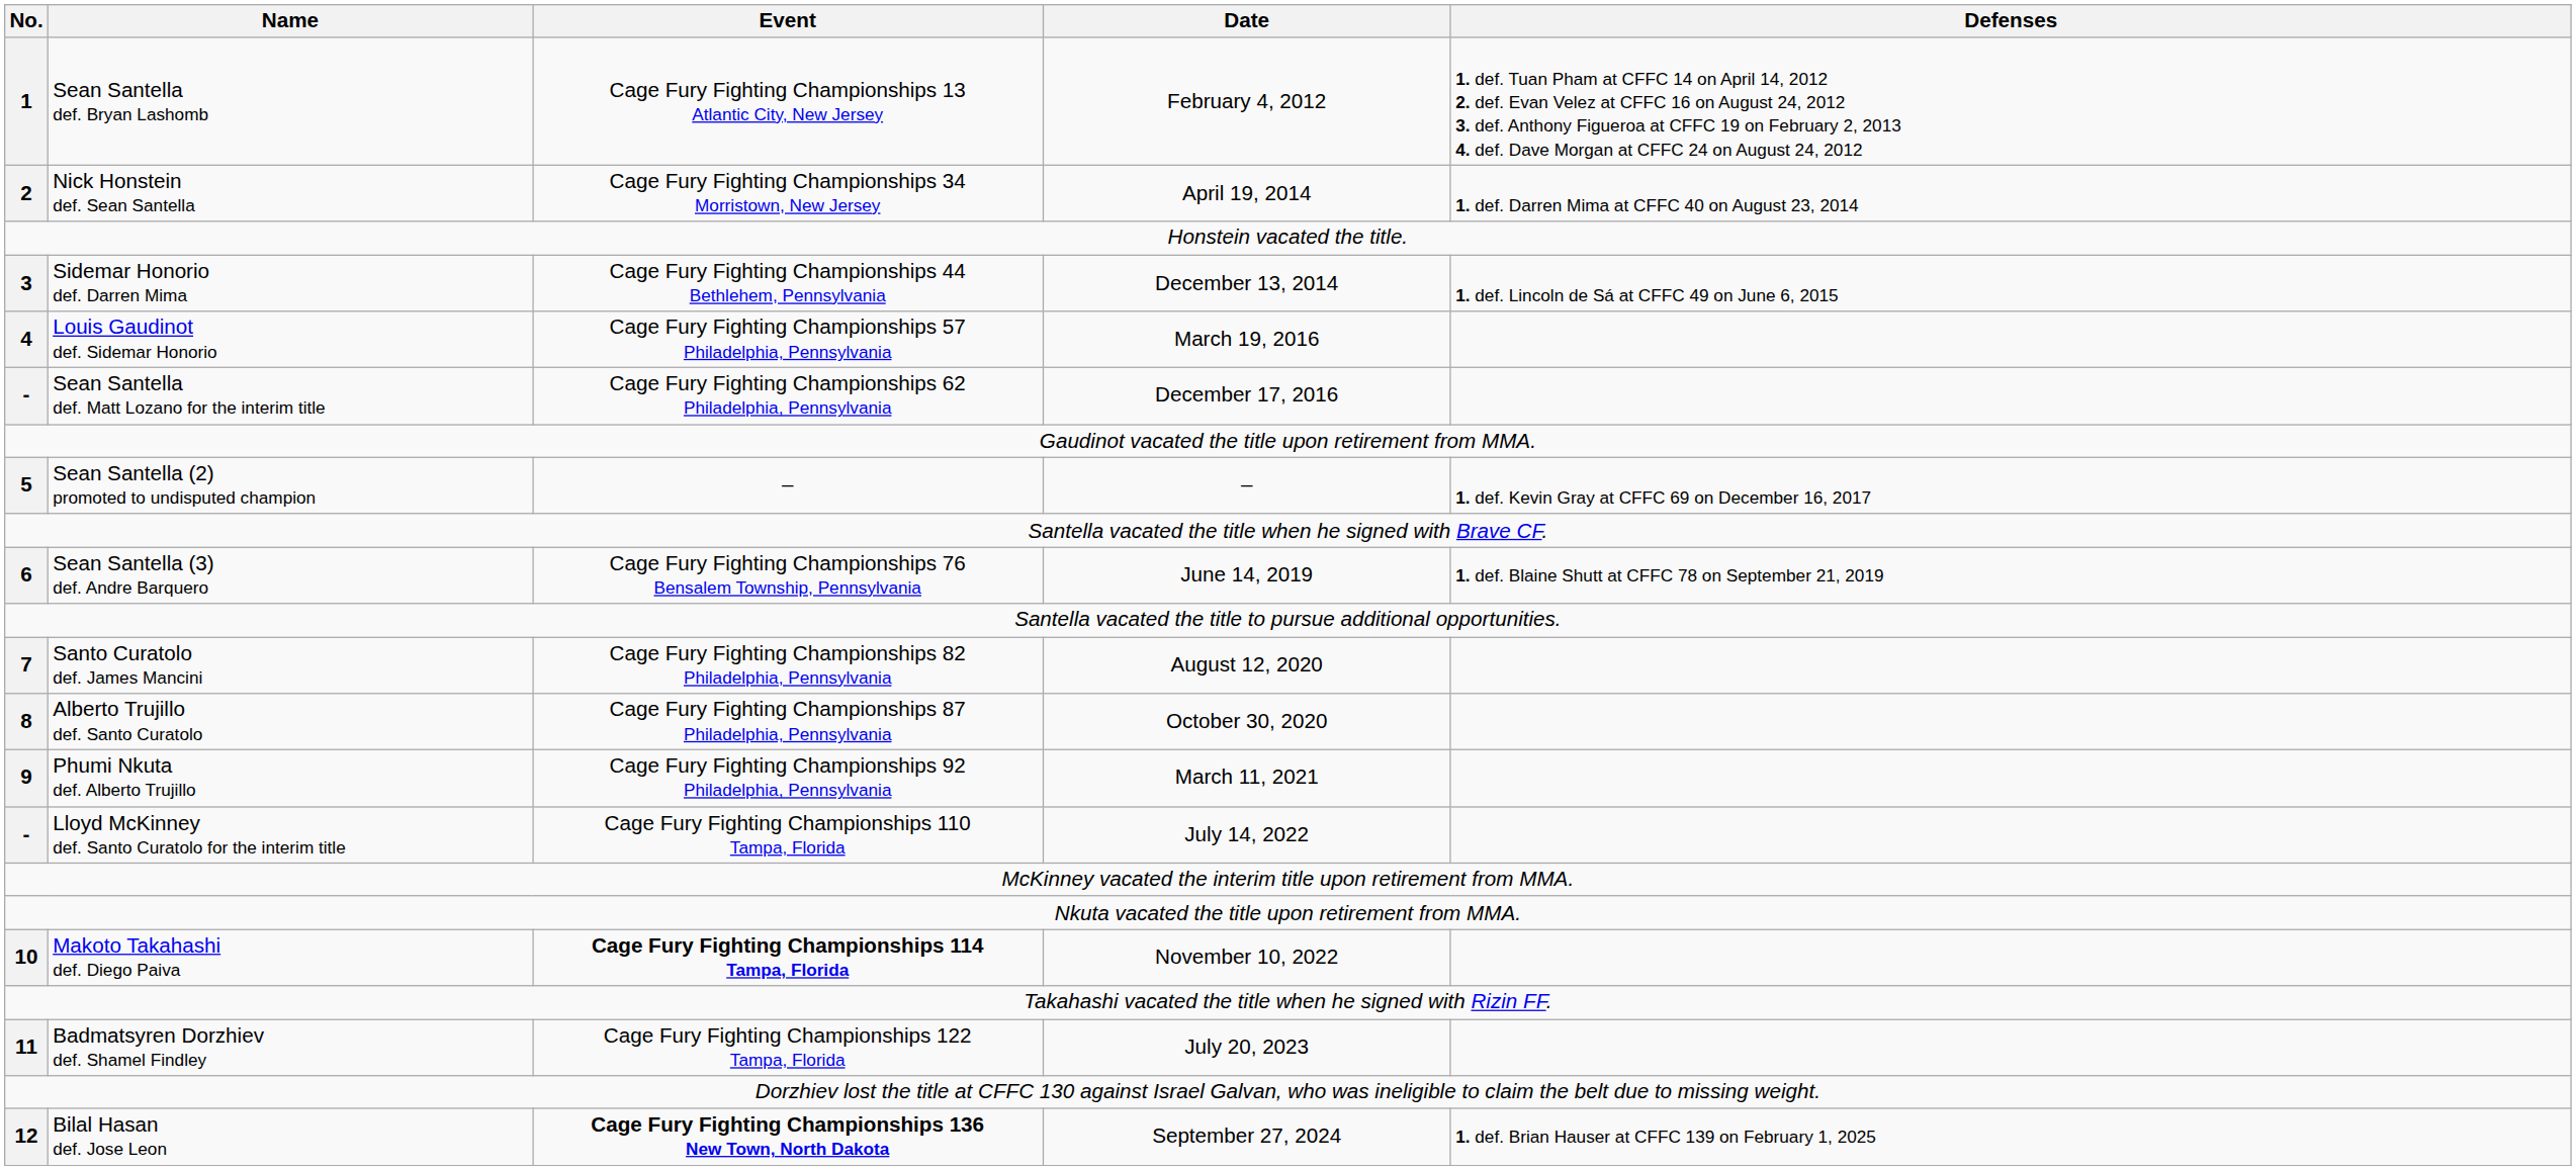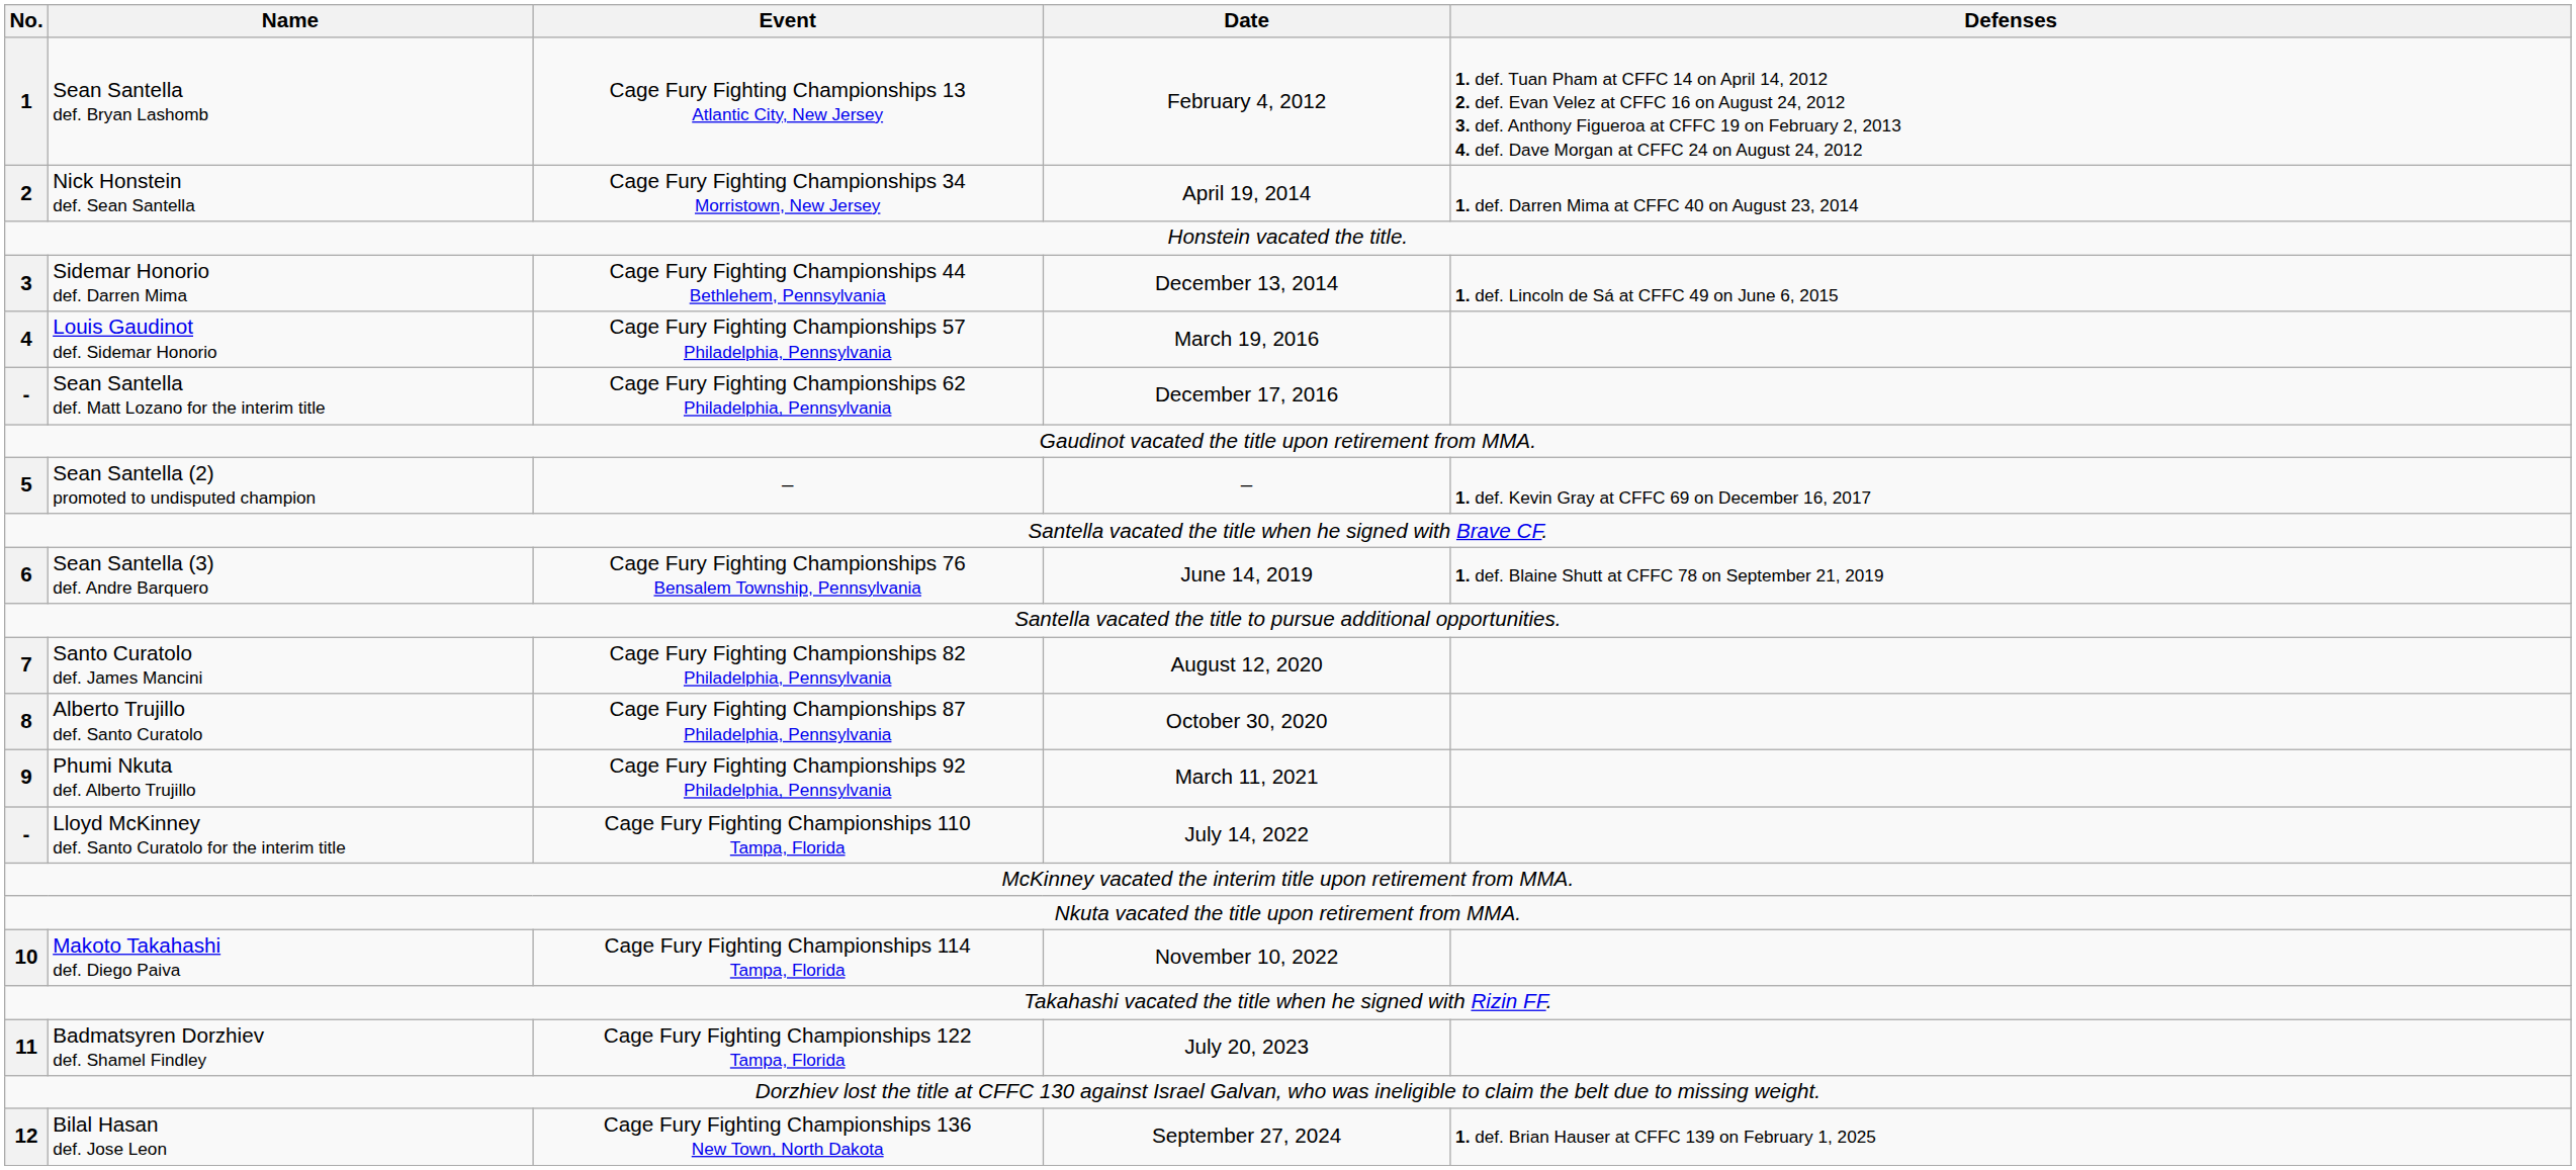 <table class="wikitable">
 <tr>
 <th width=1%>No.</th>
 <th width=19%>Name</th>
 <th width=20%>Event</th>
 <th width=16%>Date</th>
 <th width=44%>Defenses</th>
 </tr>
 <tr>
 <th>1</th>
 <td style="text-align:left"> Sean Santella<br><small>def. Bryan Lashomb</small></td>
 <td style="text-align:center">Cage Fury Fighting Championships 13<br><small><a href='#'>Atlantic City, New Jersey</a></small></td>
 <td style="text-align:center">February 4, 2012</td>
 <td><br><small><strong>1.</strong> def. Tuan Pham at CFFC 14 on April 14, 2012<br> <strong>2.</strong> def. Evan Velez at CFFC 16 on August 24, 2012<br> <strong>3.</strong> def. Anthony Figueroa at CFFC 19 on February 2, 2013<br> <strong>4.</strong> def. Dave Morgan at CFFC 24 on August 24, 2012</small></td>
 </tr>
 <tr>
 <th>2</th>
 <td style="text-align:left"> Nick Honstein<br><small>def. Sean Santella</small></td>
 <td style="text-align:center">Cage Fury Fighting Championships 34<br><small><a href='#'>Morristown, New Jersey</a></small></td>
 <td style="text-align:center">April 19, 2014</td>
 <td><br><small><strong>1.</strong> def. Darren Mima at CFFC 40 on August 23, 2014</small></td>
 </tr>
 <tr>
 <td style="text-align:center" colspan="5"><em>Honstein vacated the title.</em></td>
 </tr>
 <tr>
 <th>3</th>
 <td style="text-align:left"> Sidemar Honorio<br><small>def. Darren Mima</small></td>
 <td style="text-align:center">Cage Fury Fighting Championships 44<br><small><a href='#'>Bethlehem, Pennsylvania</a></small></td>
 <td style="text-align:center">December 13, 2014</td>
 <td><br><small><strong>1.</strong> def. Lincoln de Sá at CFFC 49 on June 6, 2015</small></td>
 </tr>
 <tr>
 <th>4</th>
 <td style="text-align:left"> <a href='#'>Louis Gaudinot</a><br><small>def. Sidemar Honorio</small></td>
 <td style="text-align:center">Cage Fury Fighting Championships 57<br><small><a href='#'>Philadelphia, Pennsylvania</a></small></td>
 <td style="text-align:center">March 19, 2016</td>
 <td></td>
 </tr>
 <tr>
 <th>-</th>
 <td style="text-align:left"> Sean Santella<br><small>def. Matt Lozano for the interim title</small></td>
 <td style="text-align:center">Cage Fury Fighting Championships 62<br><small><a href='#'>Philadelphia, Pennsylvania</a></small></td>
 <td style="text-align:center">December 17, 2016</td>
 <td></td>
 </tr>
 <tr>
 <td style="text-align:center" colspan="5"><em>Gaudinot vacated the title upon retirement from MMA.</em></td>
 </tr>
 <tr>
 <th>5</th>
 <td style="text-align:left"> Sean Santella (2)<br><small>promoted to undisputed champion</small></td>
 <td style="text-align:center">–</td>
 <td style="text-align:center">–</td>
 <td><br><small><strong>1.</strong> def. Kevin Gray at CFFC 69 on December 16, 2017</small></td>
 </tr>
 <tr>
 <td style="text-align:center" colspan="5"><em>Santella vacated the title when he signed with <a href='#'>Brave CF</a>.</em></td>
 </tr>
 <tr>
 <th>6</th>
 <td style="text-align:left"> Sean Santella (3)<br><small>def. Andre Barquero</small></td>
 <td style="text-align:center">Cage Fury Fighting Championships 76<br><small><a href='#'>Bensalem Township, Pennsylvania</a></small></td>
 <td style="text-align:center">June 14, 2019</td>
 <td><small><strong>1.</strong> def. Blaine Shutt at CFFC 78 on September 21, 2019</small></td>
 </tr>
 <tr>
 <td style="text-align:center" colspan="5"><em>Santella vacated the title to pursue additional opportunities.</em></td>
 </tr>
 <tr>
 <th>7</th>
 <td style="text-align:left"> Santo Curatolo <br><small>def. James Mancini</small></td>
 <td style="text-align:center">Cage Fury Fighting Championships 82<br><small><a href='#'>Philadelphia, Pennsylvania</a></small></td>
 <td style="text-align:center">August 12, 2020</td>
 <td></td>
 </tr>
 <tr>
 <th>8</th>
 <td style="text-align:left"> Alberto Trujillo<br><small>def. Santo Curatolo</small></td>
 <td style="text-align:center">Cage Fury Fighting Championships 87<br><small><a href='#'>Philadelphia, Pennsylvania</a></small></td>
 <td style="text-align:center">October 30, 2020</td>
 <td></td>
 </tr>
 <tr>
 <th>9</th>
 <td style="text-align:left"> Phumi Nkuta<br><small>def. Alberto Trujillo</small></td>
 <td style="text-align:center">Cage Fury Fighting Championships 92<br><small><a href='#'>Philadelphia, Pennsylvania</a></small></td>
 <td style="text-align:center">March 11, 2021</td>
 <td><br></td>
 </tr>
 <tr>
 <th>-</th>
 <td style="text-align:left"> Lloyd McKinney<br><small>def. Santo Curatolo for the interim title</small></td>
 <td style="text-align:center">Cage Fury Fighting Championships 110<br><small><a href='#'>Tampa, Florida</a></small></td>
 <td style="text-align:center">July 14, 2022</td>
 <td></td>
 </tr>
 <tr>
 <td style="text-align:center" colspan="5"><em>McKinney vacated the interim title upon retirement from MMA.</em></td>
 </tr>
 <tr>
 <td style="text-align:center" colspan="5"><em>Nkuta vacated the title upon retirement from MMA.</em></td>
 </tr>
 <tr>
 <th>10</th>
 <td style="text-align:left"> <a href='#'>Makoto Takahashi</a><br><small>def. Diego Paiva</small></td>
-<td style="text-align:center"><strong>Cage Fury Fighting Championships 114<br><small><a href='#'>Tampa, Florida</a></small></strong></td>
+<td style="text-align:center">Cage Fury Fighting Championships 114<br><small><a href='#'>Tampa, Florida</a></small></td>
 <td style="text-align:center">November 10, 2022</td>
 <td></td>
 </tr>
 <tr>
 <td style="text-align:center" colspan="5"><em>Takahashi vacated the title when he signed with <a href='#'>Rizin FF</a>.</em></td>
 </tr>
 <tr>
 <th>11</th>
 <td style="text-align:left"> Badmatsyren Dorzhiev<br><small>def. Shamel Findley</small></td>
 <td style="text-align:center">Cage Fury Fighting Championships 122<br><small><a href='#'>Tampa, Florida</a></small></td>
 <td style="text-align:center">July 20, 2023</td>
 <td></td>
 </tr>
 <tr>
 <td style="text-align:center" colspan="5"><em>Dorzhiev lost the title at CFFC 130 against Israel Galvan, who was ineligible to claim the belt due to missing weight.</em></td>
 </tr>
 <tr>
 <th>12</th>
 <td style="text-align:left"> Bilal Hasan<br><small>def. Jose Leon</small></td>
-<td style="text-align:center"><strong>Cage Fury Fighting Championships 136<br><small><a href='#'>New Town, North Dakota</a></small></strong></td>
+<td style="text-align:center">Cage Fury Fighting Championships 136<br><small><a href='#'>New Town, North Dakota</a></small></td>
 <td style="text-align:center">September 27, 2024</td>
 <td><small><strong>1.</strong> def. Brian Hauser at CFFC 139 on February 1, 2025</small></td>
 </tr>
 <tr>
 </tr>
 </table>
